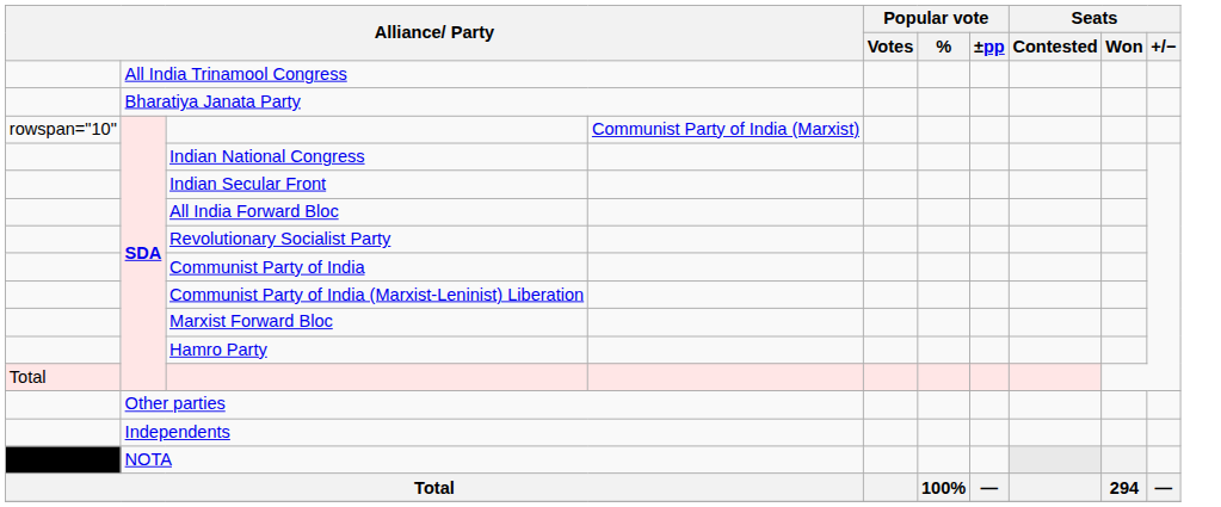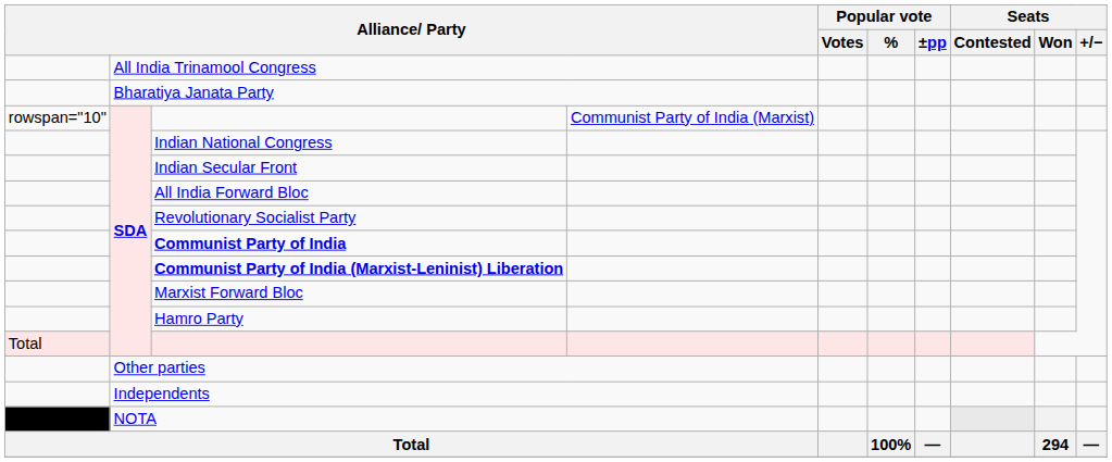 <table class="wikitable sortable">
 <tr>
 <th colspan="4" rowspan="2">Alliance/ Party</th>
 <th colspan="3">Popular vote</th>
 <th colspan="3">Seats</th>
 </tr>
 <tr>
 <th>Votes</th>
 <th>%</th>
 <th>±<a href='#'>pp</a></th>
 <th>Contested</th>
 <th>Won</th>
 <th><strong>+/−</strong></th>
 </tr>
 <tr>
 <td></td>
 <td colspan="3"><a href='#'>All India Trinamool Congress</a></td>
 <td></td>
 <td></td>
 <td></td>
 <td></td>
 <td></td>
 <td></td>
 </tr>
 <tr>
 <td></td>
 <td colspan="3"><a href='#'>Bharatiya Janata Party</a></td>
 <td></td>
 <td></td>
 <td></td>
 <td></td>
 <td></td>
 <td></td>
 </tr>
 <tr>
 <td>rowspan="10" </td>
 <th rowspan="10" style="background:#FFE6E6"><a href='#'>SDA</a></th>
 <td></td>
 <td><a href='#'>Communist Party of India (Marxist)</a></td>
 <td></td>
 <td></td>
 <td></td>
 <td></td>
 <td></td>
 <td></td>
 </tr>
 <tr>
 <td></td>
 <td><a href='#'>Indian National Congress</a></td>
 <td></td>
 <td></td>
 <td></td>
 <td></td>
 <td></td>
 <td></td>
 </tr>
 <tr>
 <td></td>
 <td><a href='#'>Indian Secular Front</a></td>
 <td></td>
 <td></td>
 <td></td>
 <td></td>
 <td></td>
 <td></td>
 </tr>
 <tr>
 <td></td>
 <td><a href='#'>All India Forward Bloc</a></td>
 <td></td>
 <td></td>
 <td></td>
 <td></td>
 <td></td>
 <td></td>
 </tr>
 <tr>
 <td></td>
 <td><a href='#'>Revolutionary Socialist Party</a></td>
 <td></td>
 <td></td>
 <td></td>
 <td></td>
 <td></td>
 <td></td>
 </tr>
 <tr>
 <td></td>
-<td><a href='#'>Communist Party of India</a></td>
+<td><strong><a href='#'>Communist Party of India</a></strong></td>
 <td></td>
 <td></td>
 <td></td>
 <td></td>
 <td></td>
 <td></td>
 </tr>
 <tr>
 <td></td>
-<td><a href='#'>Communist Party of India (Marxist-Leninist) Liberation</a></td>
+<td><strong><a href='#'>Communist Party of India (Marxist-Leninist) Liberation</a></strong></td>
 <td></td>
 <td></td>
 <td></td>
 <td></td>
 <td></td>
 <td></td>
 </tr>
 <tr>
 <td></td>
 <td><a href='#'>Marxist Forward Bloc</a></td>
 <td></td>
 <td></td>
 <td></td>
 <td></td>
 <td></td>
 <td></td>
 </tr>
 <tr>
 <td></td>
 <td><a href='#'>Hamro Party</a></td>
 <td></td>
 <td></td>
 <td></td>
 <td></td>
 <td></td>
 <td></td>
 </tr>
 <tr>
 <td colspan="2"style="background:#FFE6E6">Total</td>
 <td style="color:inherit;background:#FFE6E6"></td>
 <td style="color:inherit;background:#FFE6E6"></td>
 <td style="color:inherit;background:#FFE6E6"></td>
 <td style="color:inherit;background:#FFE6E6"></td>
 <td style="color:inherit;background:#FFE6E6"></td>
 <td style="color:inherit;background:#FFE6E6"></td>
 </tr>
 <tr>
 <td></td>
 <td colspan="3"><a href='#'>Other parties</a></td>
 <td></td>
 <td></td>
 <td></td>
 <td></td>
 <td></td>
 <td></td>
 </tr>
 <tr>
 <td></td>
 <td colspan="3"><a href='#'>Independents</a></td>
 <td></td>
 <td></td>
 <td></td>
 <td></td>
 <td></td>
 <td></td>
 </tr>
 <tr>
 <td style="background:Black; color:White"></td>
 <td colspan="3"><a href='#'>NOTA</a></td>
 <td></td>
 <td></td>
 <td></td>
 <th style="background-color:#E9E9E9"></th>
 <th></th>
 <td></td>
 </tr>
 <tr>
 <th colspan="4">Total</th>
 <th></th>
 <th>100%</th>
 <th>—</th>
 <th></th>
 <th>294</th>
 <th>—</th>
 </tr>
 <tr>
 </tr>
 </table>
